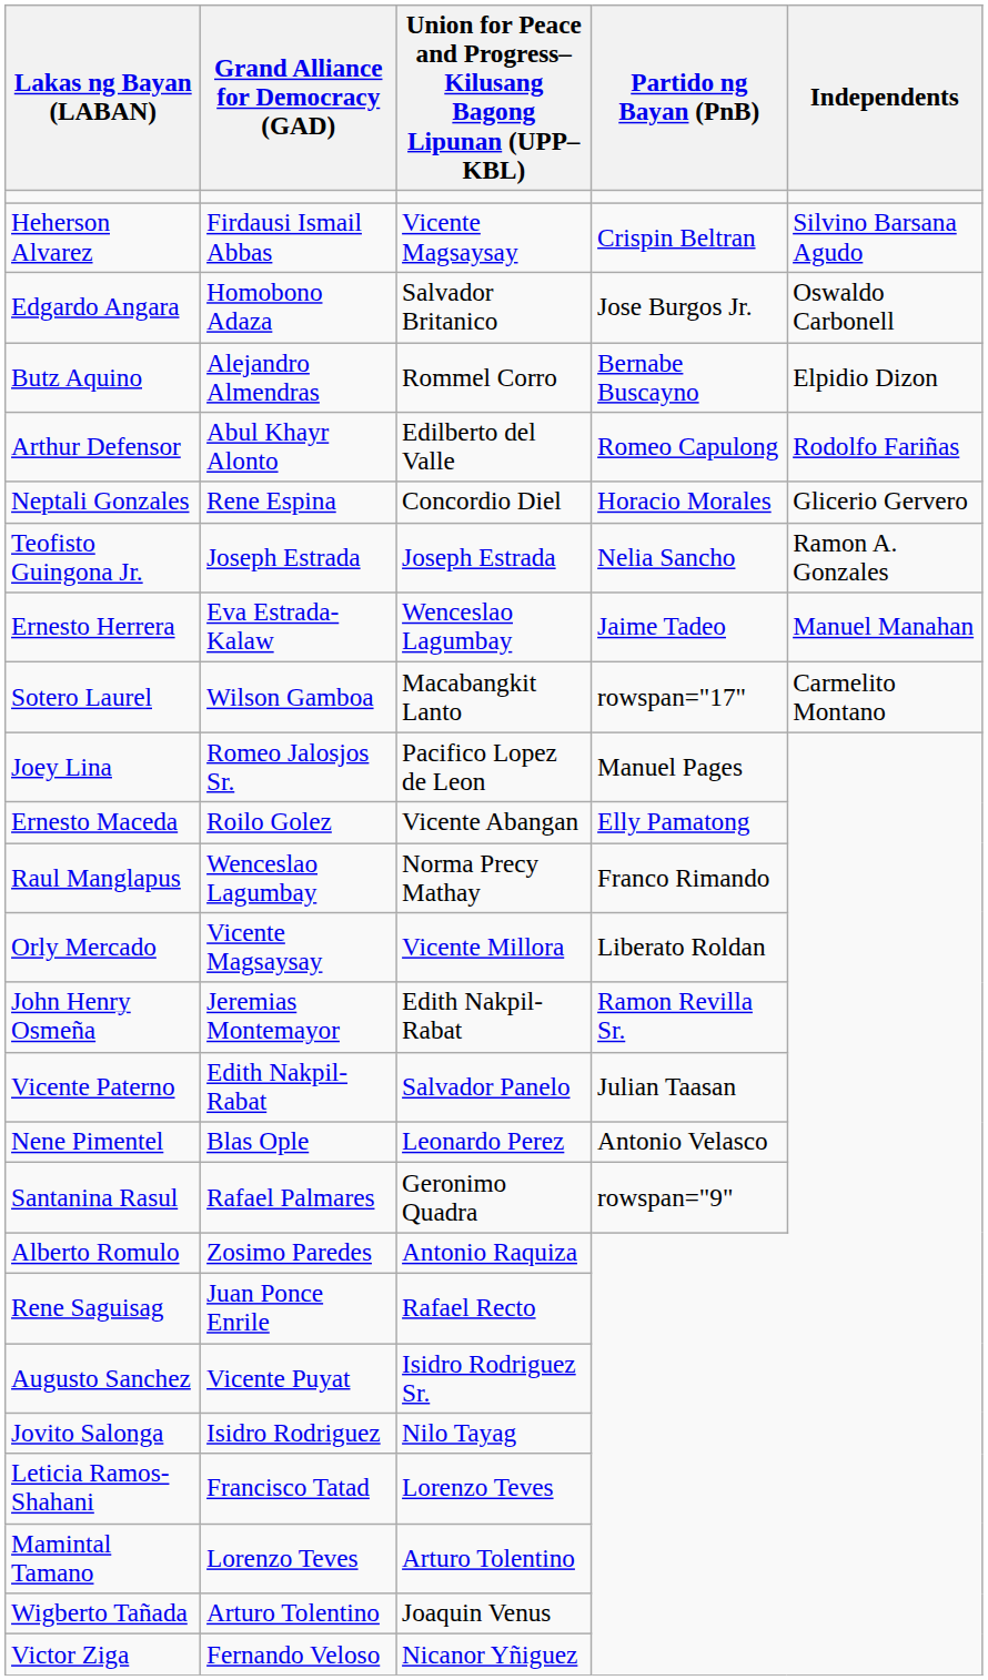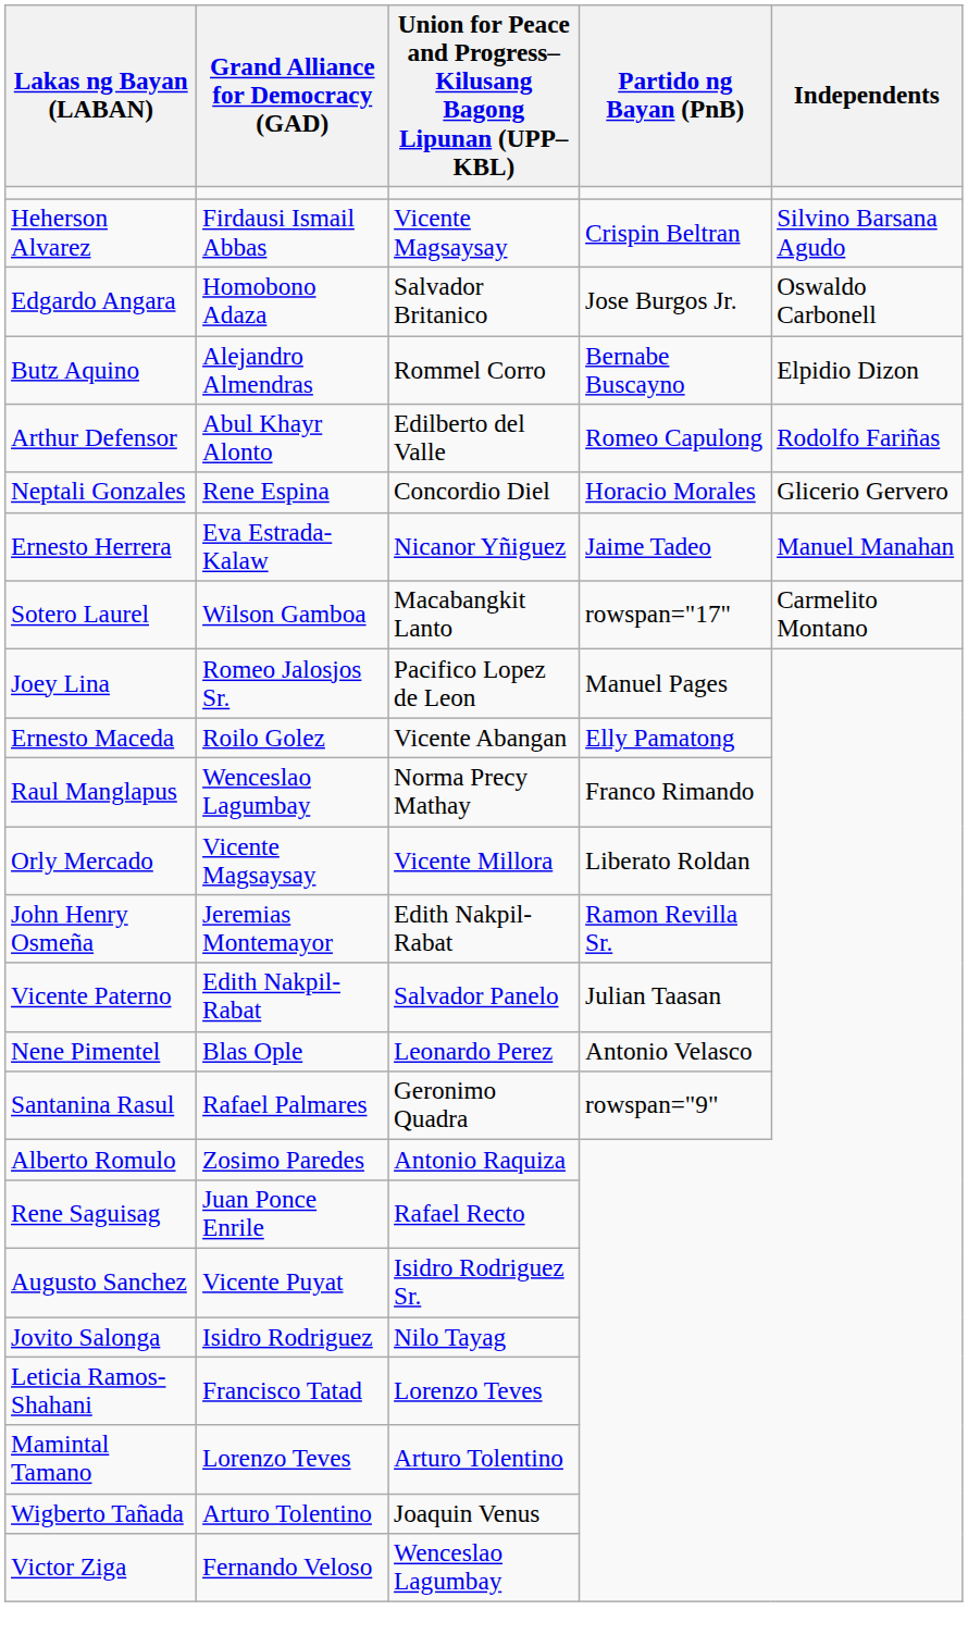 <table class="wikitable">
 <tr>
 <th width="20%"><a href='#'>Lakas ng Bayan</a> (LABAN)</th>
 <th width="20%"><a href='#'>Grand Alliance for Democracy</a> (GAD)</th>
 <th width="20%">Union for Peace and Progress–<a href='#'>Kilusang Bagong Lipunan</a> (UPP–KBL)</th>
 <th width="20%"><a href='#'>Partido ng Bayan</a> (PnB)</th>
 <th width="20%">Independents</th>
 </tr>
 <tr>
 <td colspan=1 bgcolor=></td>
 <td colspan=1 bgcolor=></td>
 <td colspan=1 bgcolor=></td>
 <td colspan=1 bgcolor=></td>
 <td colspan=1 bgcolor=></td>
 </tr>
 <tr>
 <td><a href='#'>Heherson Alvarez</a></td>
 <td><a href='#'>Firdausi Ismail Abbas</a></td>
 <td><a href='#'>Vicente Magsaysay</a></td>
 <td><a href='#'>Crispin Beltran</a></td>
 <td><a href='#'>Silvino Barsana Agudo</a></td>
 </tr>
 <tr>
 <td><a href='#'>Edgardo Angara</a></td>
 <td><a href='#'>Homobono Adaza</a></td>
 <td>Salvador Britanico</td>
 <td>Jose Burgos Jr.</td>
 <td>Oswaldo Carbonell</td>
 </tr>
 <tr>
 <td><a href='#'>Butz Aquino</a></td>
 <td><a href='#'>Alejandro Almendras</a></td>
 <td>Rommel Corro</td>
 <td><a href='#'>Bernabe Buscayno</a></td>
 <td>Elpidio Dizon</td>
 </tr>
 <tr>
 <td><a href='#'>Arthur Defensor</a></td>
 <td><a href='#'>Abul Khayr Alonto</a></td>
 <td>Edilberto del Valle</td>
 <td><a href='#'>Romeo Capulong</a></td>
 <td><a href='#'>Rodolfo Fariñas</a></td>
 </tr>
 <tr>
 <td><a href='#'>Neptali Gonzales</a></td>
 <td><a href='#'>Rene Espina</a></td>
 <td>Concordio Diel</td>
 <td><a href='#'>Horacio Morales</a></td>
 <td>Glicerio Gervero</td>
 </tr>
 <tr>
-<td><a href='#'>Teofisto Guingona Jr.</a></td>
-<td><a href='#'>Joseph Estrada</a></td>
-<td><a href='#'>Joseph Estrada</a></td>
-<td><a href='#'>Nelia Sancho</a></td>
-<td>Ramon A. Gonzales</td>
-</tr>
-<tr>
 <td><a href='#'>Ernesto Herrera</a></td>
 <td><a href='#'>Eva Estrada-Kalaw</a></td>
-<td><a href='#'>Wenceslao Lagumbay</a></td>
+<td><a href='#'>Nicanor Yñiguez</a></td>
 <td><a href='#'>Jaime Tadeo</a></td>
 <td><a href='#'>Manuel Manahan</a></td>
 </tr>
 <tr>
 <td><a href='#'>Sotero Laurel</a></td>
 <td><a href='#'>Wilson Gamboa</a></td>
 <td>Macabangkit Lanto</td>
 <td>rowspan="17" </td>
 <td>Carmelito Montano</td>
 </tr>
 <tr>
 <td><a href='#'>Joey Lina</a></td>
 <td><a href='#'>Romeo Jalosjos Sr.</a></td>
 <td>Pacifico Lopez de Leon</td>
 <td>Manuel Pages</td>
 </tr>
 <tr>
 <td><a href='#'>Ernesto Maceda</a></td>
 <td><a href='#'>Roilo Golez</a></td>
 <td>Vicente Abangan</td>
 <td><a href='#'>Elly Pamatong</a></td>
 </tr>
 <tr>
 <td><a href='#'>Raul Manglapus</a></td>
 <td><a href='#'>Wenceslao Lagumbay</a></td>
 <td>Norma Precy Mathay</td>
 <td>Franco Rimando</td>
 </tr>
 <tr>
 <td><a href='#'>Orly Mercado</a></td>
 <td><a href='#'>Vicente Magsaysay</a></td>
 <td><a href='#'>Vicente Millora</a></td>
 <td>Liberato Roldan</td>
 </tr>
 <tr>
 <td><a href='#'>John Henry Osmeña</a></td>
 <td><a href='#'>Jeremias Montemayor</a></td>
 <td>Edith Nakpil-Rabat</td>
 <td><a href='#'>Ramon Revilla Sr.</a></td>
 </tr>
 <tr>
 <td><a href='#'>Vicente Paterno</a></td>
 <td><a href='#'>Edith Nakpil-Rabat</a></td>
 <td><a href='#'>Salvador Panelo</a></td>
 <td>Julian Taasan</td>
 </tr>
 <tr>
 <td><a href='#'>Nene Pimentel</a></td>
 <td><a href='#'>Blas Ople</a></td>
 <td><a href='#'>Leonardo Perez</a></td>
 <td>Antonio Velasco</td>
 </tr>
 <tr>
 <td><a href='#'>Santanina Rasul</a></td>
 <td><a href='#'>Rafael Palmares</a></td>
 <td>Geronimo Quadra</td>
 <td>rowspan="9" </td>
 </tr>
 <tr>
 <td><a href='#'>Alberto Romulo</a></td>
 <td><a href='#'>Zosimo Paredes</a></td>
 <td><a href='#'>Antonio Raquiza</a></td>
 </tr>
 <tr>
 <td><a href='#'>Rene Saguisag</a></td>
 <td><a href='#'>Juan Ponce Enrile</a></td>
 <td><a href='#'>Rafael Recto</a></td>
 </tr>
 <tr>
 <td><a href='#'>Augusto Sanchez</a></td>
 <td><a href='#'>Vicente Puyat</a></td>
 <td><a href='#'>Isidro Rodriguez Sr.</a></td>
 </tr>
 <tr>
 <td><a href='#'>Jovito Salonga</a></td>
 <td><a href='#'>Isidro Rodriguez</a></td>
 <td><a href='#'>Nilo Tayag</a></td>
 </tr>
 <tr>
 <td><a href='#'>Leticia Ramos-Shahani</a></td>
 <td><a href='#'>Francisco Tatad</a></td>
 <td><a href='#'>Lorenzo Teves</a></td>
 </tr>
 <tr>
 <td><a href='#'>Mamintal Tamano</a></td>
 <td><a href='#'>Lorenzo Teves</a></td>
 <td><a href='#'>Arturo Tolentino</a></td>
 </tr>
 <tr>
 <td><a href='#'>Wigberto Tañada</a></td>
 <td><a href='#'>Arturo Tolentino</a></td>
 <td>Joaquin Venus</td>
 </tr>
 <tr>
 <td><a href='#'>Victor Ziga</a></td>
 <td><a href='#'>Fernando Veloso</a></td>
-<td><a href='#'>Nicanor Yñiguez</a></td>
+<td><a href='#'>Wenceslao Lagumbay</a></td>
 </tr>
 </table>
